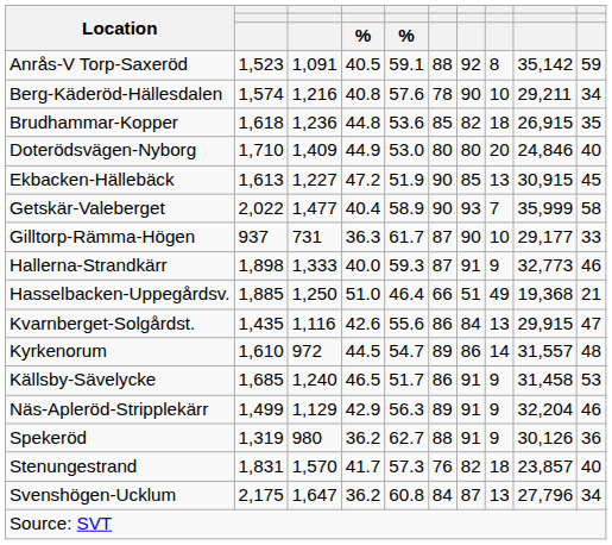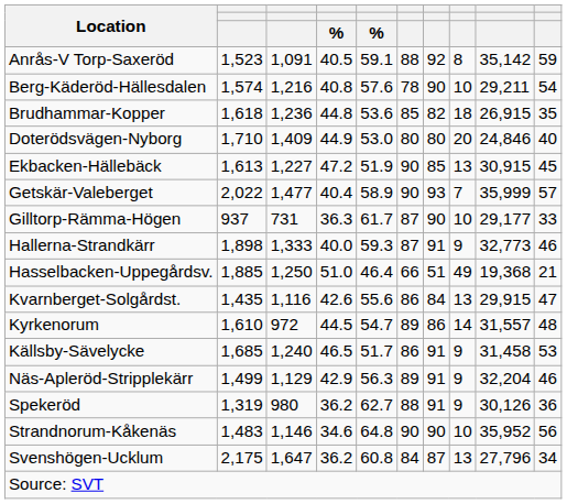 <table role="presentation" class="wikitable sortable mw-collapsible">
 <tr>
 <th rowspan="3">Location</th>
 <th></th>
 <th></th>
 <th></th>
 <th></th>
 <th></th>
 <th></th>
 <th></th>
 <th></th>
 <th></th>
 </tr>
 <tr>
 <th></th>
 <th></th>
 <th style="background:"></th>
 <th style="background:"></th>
 <th></th>
 <th></th>
 <th></th>
 <th></th>
 <th></th>
 </tr>
 <tr>
 <th data-sort-type="number"></th>
 <th data-sort-type="number"></th>
 <th data-sort-type="number">%</th>
 <th data-sort-type="number">%</th>
 <th data-sort-type="number"></th>
 <th data-sort-type="number"></th>
 <th data-sort-type="number"></th>
 <th data-sort-type="number"></th>
 <th data-sort-type="number"></th>
 </tr>
 <tr>
 <td align="left">Anrås-V Torp-Saxeröd</td>
 <td>1,523</td>
 <td>1,091</td>
 <td>40.5</td>
 <td>59.1</td>
 <td>88</td>
 <td>92</td>
 <td>8</td>
 <td>35,142</td>
 <td>59</td>
 </tr>
 <tr>
 <td align="left">Berg-Käderöd-Hällesdalen</td>
 <td>1,574</td>
 <td>1,216</td>
 <td>40.8</td>
 <td>57.6</td>
 <td>78</td>
 <td>90</td>
 <td>10</td>
 <td>29,211</td>
-<td>34</td>
+<td>54</td>
 </tr>
 <tr>
 <td align="left">Brudhammar-Kopper</td>
 <td>1,618</td>
 <td>1,236</td>
 <td>44.8</td>
 <td>53.6</td>
 <td>85</td>
 <td>82</td>
 <td>18</td>
 <td>26,915</td>
 <td>35</td>
 </tr>
 <tr>
 <td align="left">Doterödsvägen-Nyborg</td>
 <td>1,710</td>
 <td>1,409</td>
 <td>44.9</td>
 <td>53.0</td>
 <td>80</td>
 <td>80</td>
 <td>20</td>
 <td>24,846</td>
 <td>40</td>
 </tr>
 <tr>
 <td align="left">Ekbacken-Hällebäck</td>
 <td>1,613</td>
 <td>1,227</td>
 <td>47.2</td>
 <td>51.9</td>
 <td>90</td>
 <td>85</td>
 <td>13</td>
 <td>30,915</td>
 <td>45</td>
 </tr>
 <tr>
 <td align="left">Getskär-Valeberget</td>
 <td>2,022</td>
 <td>1,477</td>
 <td>40.4</td>
 <td>58.9</td>
 <td>90</td>
 <td>93</td>
 <td>7</td>
 <td>35,999</td>
-<td>58</td>
+<td>57</td>
 </tr>
 <tr>
 <td align="left">Gilltorp-Rämma-Högen</td>
 <td>937</td>
 <td>731</td>
 <td>36.3</td>
 <td>61.7</td>
 <td>87</td>
 <td>90</td>
 <td>10</td>
 <td>29,177</td>
 <td>33</td>
 </tr>
 <tr>
 <td align="left">Hallerna-Strandkärr</td>
 <td>1,898</td>
 <td>1,333</td>
 <td>40.0</td>
 <td>59.3</td>
 <td>87</td>
 <td>91</td>
 <td>9</td>
 <td>32,773</td>
 <td>46</td>
 </tr>
 <tr>
 <td align="left">Hasselbacken-Uppegårdsv.</td>
 <td>1,885</td>
 <td>1,250</td>
 <td>51.0</td>
 <td>46.4</td>
 <td>66</td>
 <td>51</td>
 <td>49</td>
 <td>19,368</td>
 <td>21</td>
 </tr>
 <tr>
 <td align="left">Kvarnberget-Solgårdst.</td>
 <td>1,435</td>
 <td>1,116</td>
 <td>42.6</td>
 <td>55.6</td>
 <td>86</td>
 <td>84</td>
 <td>13</td>
 <td>29,915</td>
 <td>47</td>
 </tr>
 <tr>
 <td align="left">Kyrkenorum</td>
 <td>1,610</td>
 <td>972</td>
 <td>44.5</td>
 <td>54.7</td>
 <td>89</td>
 <td>86</td>
 <td>14</td>
 <td>31,557</td>
 <td>48</td>
 </tr>
 <tr>
 <td align="left">Källsby-Sävelycke</td>
 <td>1,685</td>
 <td>1,240</td>
 <td>46.5</td>
 <td>51.7</td>
 <td>86</td>
 <td>91</td>
 <td>9</td>
 <td>31,458</td>
 <td>53</td>
 </tr>
 <tr>
 <td align="left">Näs-Apleröd-Stripplekärr</td>
 <td>1,499</td>
 <td>1,129</td>
 <td>42.9</td>
 <td>56.3</td>
 <td>89</td>
 <td>91</td>
 <td>9</td>
 <td>32,204</td>
 <td>46</td>
 </tr>
 <tr>
 <td align="left">Spekeröd</td>
 <td>1,319</td>
 <td>980</td>
 <td>36.2</td>
 <td>62.7</td>
 <td>88</td>
 <td>91</td>
 <td>9</td>
 <td>30,126</td>
 <td>36</td>
 </tr>
 <tr>
-<td align="left">Stenungestrand</td>
-<td>1,831</td>
-<td>1,570</td>
-<td>41.7</td>
-<td>57.3</td>
-<td>76</td>
-<td>82</td>
-<td>18</td>
-<td>23,857</td>
-<td>40</td>
+<td align="left">Strandnorum-Kåkenäs</td>
+<td>1,483</td>
+<td>1,146</td>
+<td>34.6</td>
+<td>64.8</td>
+<td>90</td>
+<td>90</td>
+<td>10</td>
+<td>35,952</td>
+<td>56</td>
 </tr>
 <tr>
 <td align="left">Svenshögen-Ucklum</td>
 <td>2,175</td>
 <td>1,647</td>
 <td>36.2</td>
 <td>60.8</td>
 <td>84</td>
 <td>87</td>
 <td>13</td>
 <td>27,796</td>
 <td>34</td>
 </tr>
 <tr>
 <td colspan="10" align="left">Source: <a href='#'>SVT</a></td>
 </tr>
 </table>
